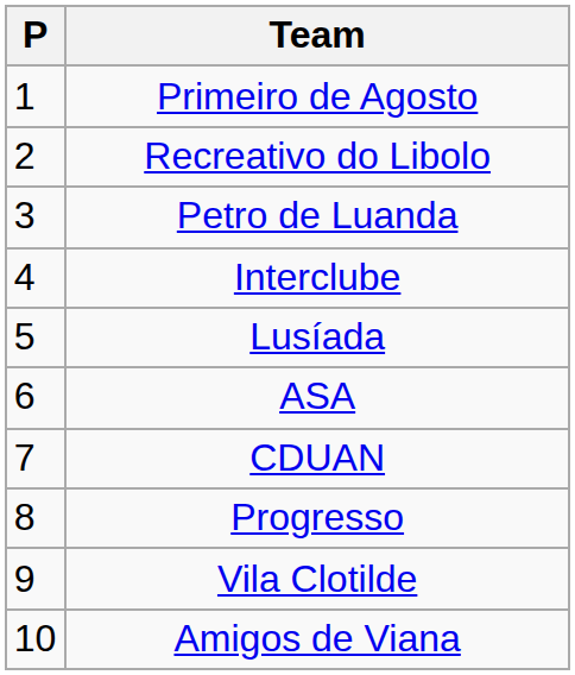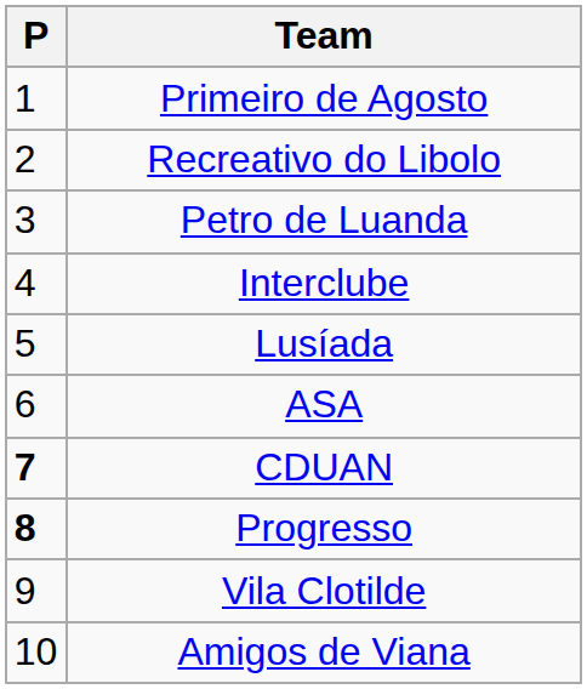 <table class="wikitable" style="margin: 1em auto 1em auto;">
 <tr>
 <th>P</th>
 <th width=205>Team</th>
 </tr>
 <tr>
 <td>1</td>
 <td align="center"><a href='#'>Primeiro de Agosto</a></td>
 </tr>
 <tr>
 <td>2</td>
 <td align="center"><a href='#'>Recreativo do Libolo</a></td>
 </tr>
 <tr>
 <td>3</td>
 <td align="center"><a href='#'>Petro de Luanda</a></td>
 </tr>
 <tr>
 <td>4</td>
 <td align="center"><a href='#'>Interclube</a></td>
 </tr>
 <tr>
 <td>5</td>
 <td align="center"><a href='#'>Lusíada</a></td>
 </tr>
 <tr>
 <td>6</td>
 <td align="center"><a href='#'>ASA</a></td>
 </tr>
 <tr>
-<td>7</td>
+<td><strong>7</strong></td>
 <td align="center"><a href='#'>CDUAN</a></td>
 </tr>
 <tr>
-<td>8</td>
+<td><strong>8</strong></td>
 <td align="center"><a href='#'>Progresso</a></td>
 </tr>
 <tr>
 <td>9</td>
 <td align="center"><a href='#'>Vila Clotilde</a></td>
 </tr>
 <tr>
 <td>10</td>
 <td align="center"><a href='#'>Amigos de Viana</a></td>
 </tr>
 <tr>
 </tr>
 </table>
